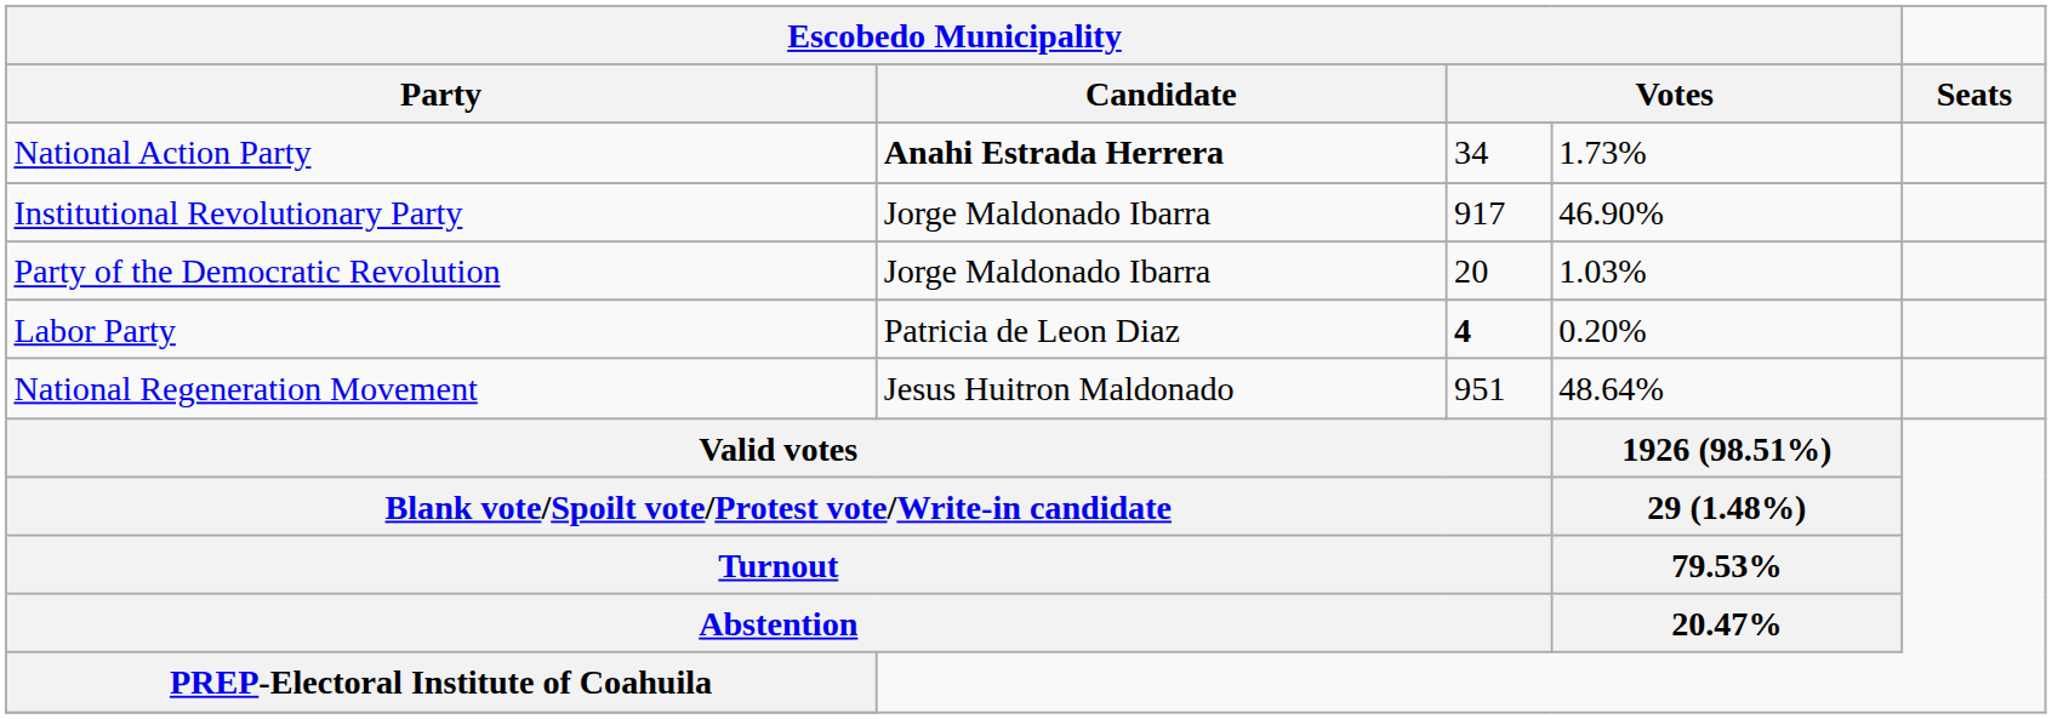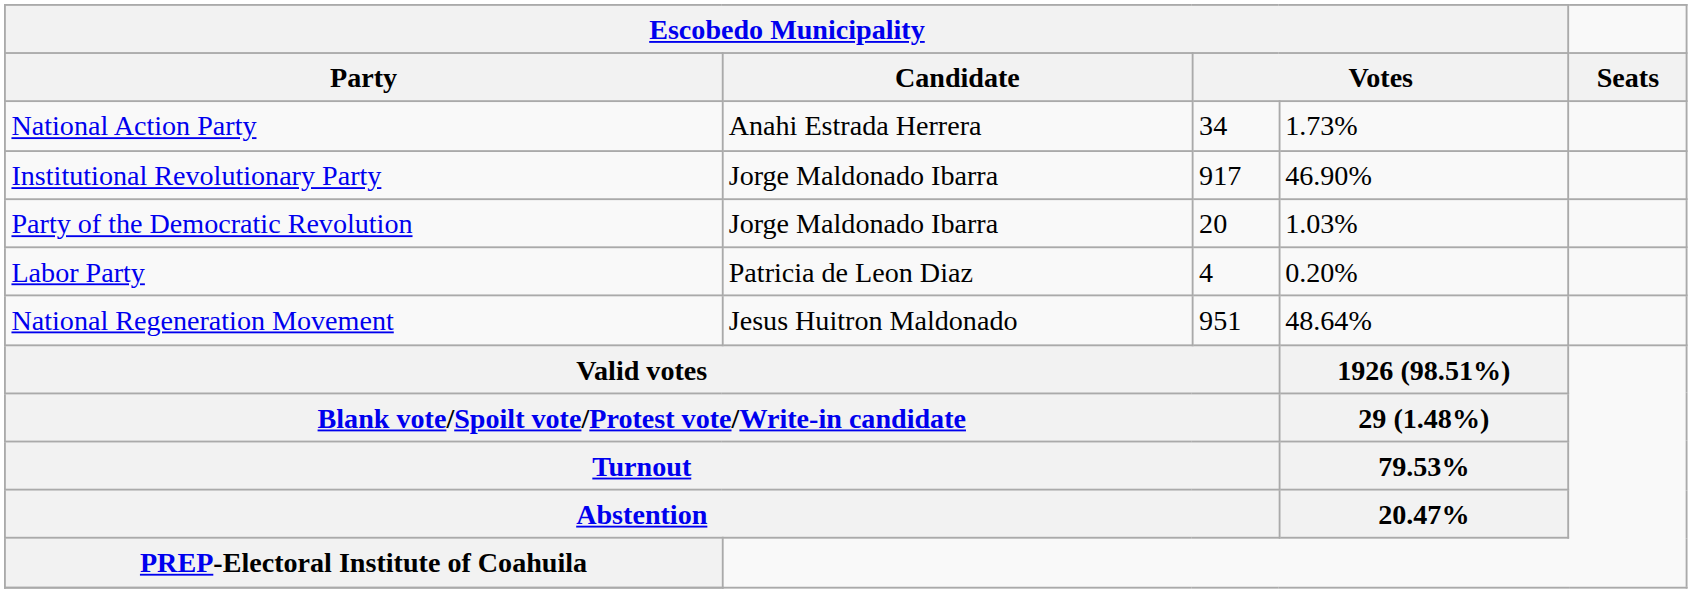 <table class="wikitable collapsible collapsed" style="font-size:95%; width:72%; line-height:126%; margin-bottom:0">
 <tr>
 <th Colspan = 4><strong><a href='#'>Escobedo Municipality</a></strong></th>
 </tr>
 <tr style="background:#efefef;">
 <th Colspan = 1><strong>Party</strong></th>
 <th Colspan = 1><strong>Candidate</strong></th>
 <th Colspan = 2><strong>Votes</strong></th>
 <th Colspan = 1><strong>Seats</strong></th>
 </tr>
 <tr>
 <td> <a href='#'>National Action Party</a></td>
-<td><strong>Anahi Estrada Herrera</strong></td>
+<td>Anahi Estrada Herrera</td>
 <td>34</td>
 <td>1.73%</td>
 <td></td>
 </tr>
 <tr>
 <td> <a href='#'>Institutional Revolutionary Party</a></td>
 <td>Jorge Maldonado Ibarra</td>
 <td>917</td>
 <td>46.90%</td>
 <td></td>
 </tr>
 <tr>
 <td> <a href='#'>Party of the Democratic Revolution</a></td>
 <td>Jorge Maldonado Ibarra</td>
 <td>20</td>
 <td>1.03%</td>
 <td></td>
 </tr>
 <tr>
 <td> <a href='#'>Labor Party</a></td>
 <td>Patricia de Leon Diaz</td>
-<td><strong>4</strong></td>
+<td>4</td>
 <td>0.20%</td>
 <td></td>
 </tr>
 <tr>
 <td> <a href='#'>National Regeneration Movement</a></td>
 <td>Jesus Huitron Maldonado</td>
 <td>951</td>
 <td>48.64%</td>
 <td></td>
 </tr>
 <tr>
 <th Colspan = 3><strong>Valid votes</strong></th>
 <th>1926 (98.51%)</th>
 </tr>
 <tr>
 <th Colspan = 3><strong><a href='#'>Blank vote</a>/<a href='#'>Spoilt vote</a>/<a href='#'>Protest vote</a>/<a href='#'>Write-in candidate</a></strong></th>
 <th>29 (1.48%)</th>
 </tr>
 <tr>
 <th Colspan = 3><strong><a href='#'>Turnout</a></strong></th>
 <th>79.53%</th>
 </tr>
 <tr>
 <th Colspan = 3><strong><a href='#'>Abstention</a></strong></th>
 <th>20.47%</th>
 </tr>
 <tr>
 <th Colspan =><a href='#'>PREP</a>-Electoral Institute of Coahuila</th>
 </tr>
 <tr>
 </tr>
 </table>
